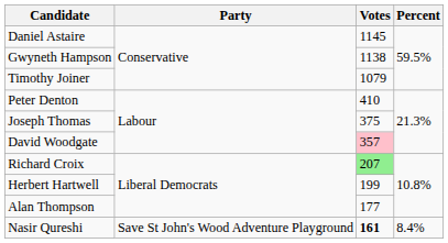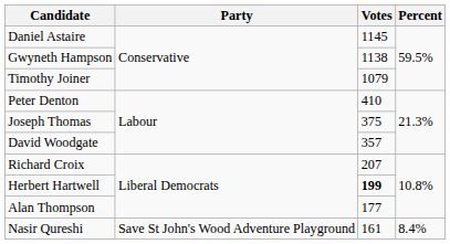 <table class="wikitable">
 <tr>
 <th>Candidate</th>
 <th>Party</th>
 <th>Votes</th>
 <th>Percent</th>
 </tr>
 <tr>
 <td>Daniel Astaire</td>
 <td rowspan="3">Conservative</td>
 <td>1145</td>
 <td rowspan="3">59.5%</td>
 </tr>
 <tr>
 <td>Gwyneth Hampson</td>
 <td>1138</td>
 </tr>
 <tr>
 <td>Timothy Joiner</td>
 <td>1079</td>
 </tr>
 <tr>
 <td>Peter Denton</td>
 <td rowspan="3">Labour</td>
 <td>410</td>
 <td rowspan="3">21.3%</td>
 </tr>
 <tr>
 <td>Joseph Thomas</td>
 <td>375</td>
 </tr>
 <tr>
 <td>David Woodgate</td>
-<td style="background: pink;">357</td>
+<td>357</td>
 </tr>
 <tr>
 <td>Richard Croix</td>
 <td rowspan="3">Liberal Democrats</td>
-<td style="background: lightgreen;">207</td>
+<td>207</td>
 <td rowspan="3">10.8%</td>
 </tr>
 <tr>
 <td>Herbert Hartwell</td>
-<td>199</td>
+<td><strong>199</strong></td>
 </tr>
 <tr>
 <td>Alan Thompson</td>
 <td>177</td>
 </tr>
 <tr>
 <td>Nasir Qureshi</td>
 <td>Save St John's Wood Adventure Playground</td>
-<td><strong>161</strong></td>
+<td>161</td>
 <td>8.4%</td>
 </tr>
 </table>
